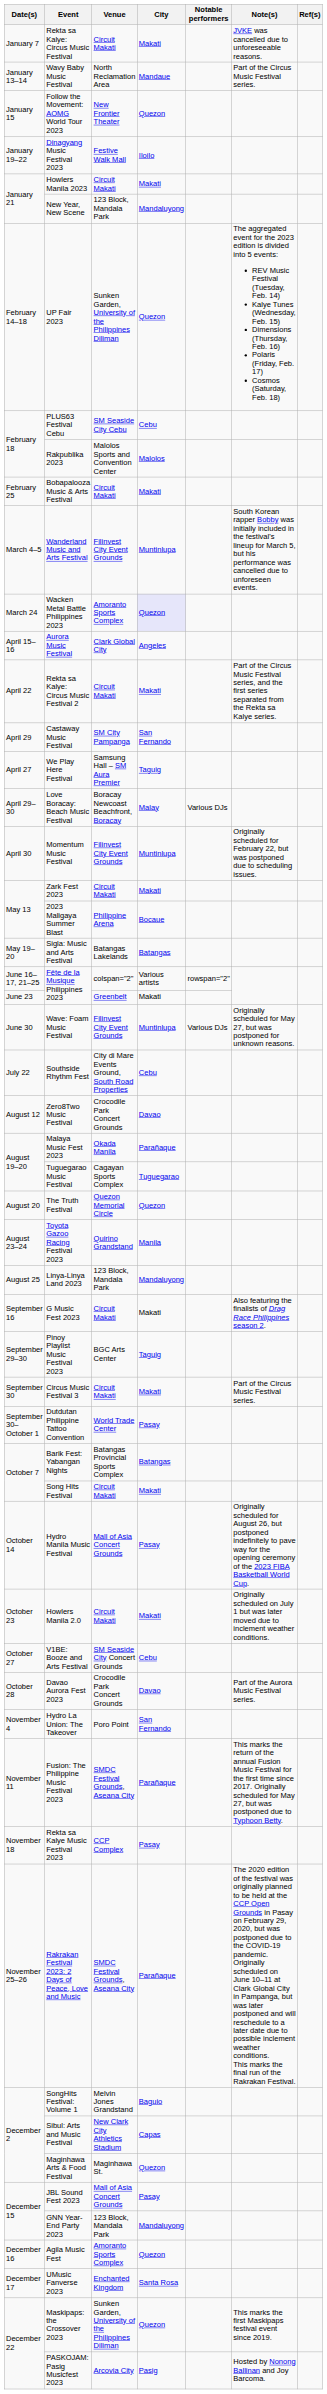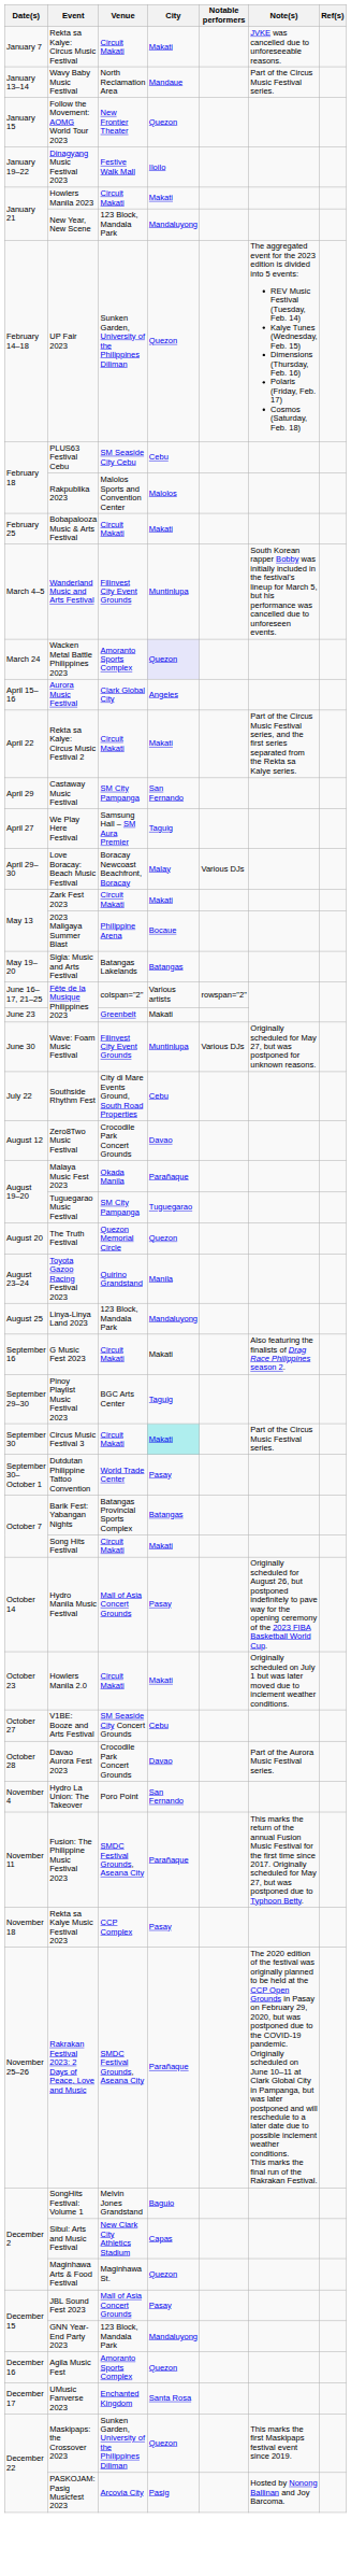 <table class="wikitable sortable" style="font-size: 100%; width=100%;" style="text-align:center;">
 <tr>
 <th class="unsortable" style="width: 5%;" scope="col">Date(s)</th>
 <th style="width: 20%;" scope="col">Event</th>
 <th style="width: 15%;" scope="col">Venue</th>
 <th style="width: 5%;" scope="col">City</th>
 <th class="unsortable" style="width: 30%;" scope="col">Notable performers</th>
 <th style="width: 30%;" scope="col">Note(s)</th>
 <th style="width: 1%;" scope="col">Ref(s)</th>
 </tr>
 <tr>
 <td>January 7</td>
 <td>Rekta sa Kalye: Circus Music Festival</td>
 <td><a href='#'>Circuit Makati</a></td>
 <td><a href='#'>Makati</a></td>
 <td></td>
 <td><a href='#'>JVKE</a> was cancelled due to unforeseeable reasons.</td>
 <td></td>
 </tr>
 <tr>
 <td>January 13–14</td>
 <td>Wavy Baby Music Festival</td>
 <td>North Reclamation Area</td>
 <td><a href='#'>Mandaue</a></td>
 <td></td>
 <td>Part of the Circus Music Festival series.</td>
 <td></td>
 </tr>
 <tr>
 <td>January 15</td>
 <td>Follow the Movement: <a href='#'>AOMG</a> World Tour 2023</td>
 <td><a href='#'>New Frontier Theater</a></td>
 <td><a href='#'>Quezon</a></td>
 <td></td>
 <td></td>
 <td></td>
 </tr>
 <tr>
 <td>January 19–22</td>
 <td><a href='#'>Dinagyang</a> Music Festival 2023</td>
 <td><a href='#'>Festive Walk Mall</a></td>
 <td><a href='#'>Iloilo</a></td>
 <td></td>
 <td></td>
 <td></td>
 </tr>
 <tr>
 <td rowspan="2">January 21</td>
 <td>Howlers Manila 2023</td>
 <td><a href='#'>Circuit Makati</a></td>
 <td><a href='#'>Makati</a></td>
 <td></td>
 <td></td>
 <td></td>
 </tr>
 <tr>
 <td>New Year, New Scene</td>
 <td>123 Block, Mandala Park</td>
 <td><a href='#'>Mandaluyong</a></td>
 <td></td>
 <td></td>
 <td></td>
 </tr>
 <tr>
 <td>February 14–18</td>
 <td>UP Fair 2023</td>
 <td>Sunken Garden, <a href='#'>University of the Philippines Diliman</a></td>
 <td><a href='#'>Quezon</a></td>
 <td></td>
 <td>The aggregated event for the 2023 edition is divided into 5 events:<br><ul><li>REV Music Festival (Tuesday, Feb. 14)</li><li>Kalye Tunes (Wednesday, Feb. 15)</li><li>Dimensions (Thursday, Feb. 16)</li><li>Polaris (Friday, Feb. 17)</li><li>Cosmos (Saturday, Feb. 18)</li></ul></td>
 <td></td>
 </tr>
 <tr>
 <td rowspan="2">February 18</td>
 <td>PLUS63 Festival Cebu</td>
 <td><a href='#'>SM Seaside City Cebu</a></td>
 <td><a href='#'>Cebu</a></td>
 <td></td>
 <td></td>
 <td></td>
 </tr>
 <tr>
 <td>Rakpublika 2023</td>
 <td>Malolos Sports and Convention Center</td>
 <td><a href='#'>Malolos</a></td>
 <td></td>
 <td></td>
 <td></td>
 </tr>
 <tr>
 <td>February 25</td>
 <td>Bobapalooza Music & Arts Festival</td>
 <td><a href='#'>Circuit Makati</a></td>
 <td><a href='#'>Makati</a></td>
 <td></td>
 <td></td>
 <td></td>
 </tr>
 <tr>
 <td>March 4–5</td>
 <td><a href='#'>Wanderland Music and Arts Festival</a></td>
 <td><a href='#'>Filinvest City Event Grounds</a></td>
 <td><a href='#'>Muntinlupa</a></td>
 <td></td>
 <td>South Korean rapper <a href='#'>Bobby</a> was initially included in the festival's lineup for March 5, but his performance was cancelled due to unforeseen events.</td>
 <td></td>
 </tr>
 <tr>
 <td>March 24</td>
 <td>Wacken Metal Battle Philippines 2023</td>
 <td><a href='#'>Amoranto Sports Complex</a></td>
 <td style="background: lavender;"><a href='#'>Quezon</a></td>
 <td></td>
 <td></td>
 <td></td>
 </tr>
 <tr>
 <td>April 15–16</td>
 <td><a href='#'>Aurora Music Festival</a></td>
 <td><a href='#'>Clark Global City</a></td>
 <td><a href='#'>Angeles</a></td>
 <td></td>
 <td></td>
 <td></td>
 </tr>
 <tr>
 <td>April 22</td>
 <td>Rekta sa Kalye: Circus Music Festival 2</td>
 <td><a href='#'>Circuit Makati</a></td>
 <td><a href='#'>Makati</a></td>
 <td></td>
 <td>Part of the Circus Music Festival series, and the first series separated from the Rekta sa Kalye series.</td>
 <td></td>
 </tr>
 <tr>
 <td>April 29</td>
 <td>Castaway Music Festival</td>
 <td><a href='#'>SM City Pampanga</a></td>
 <td><a href='#'>San Fernando</a></td>
 <td></td>
 <td></td>
 <td></td>
 </tr>
 <tr>
 <td>April 27</td>
 <td>We Play Here Festival</td>
 <td>Samsung Hall – <a href='#'>SM Aura Premier</a></td>
 <td><a href='#'>Taguig</a></td>
 <td></td>
 <td></td>
 <td></td>
 </tr>
 <tr>
 <td>April 29–30</td>
 <td>Love Boracay: Beach Music Festival</td>
 <td>Boracay Newcoast Beachfront, <a href='#'>Boracay</a></td>
 <td><a href='#'>Malay</a></td>
 <td>Various DJs</td>
 <td></td>
 <td></td>
 </tr>
 <tr>
-<td>April 30</td>
-<td>Momentum Music Festival</td>
-<td><a href='#'>Filinvest City Event Grounds</a></td>
-<td><a href='#'>Muntinlupa</a></td>
-<td></td>
-<td>Originally scheduled for February 22, but was postponed due to scheduling issues.</td>
-<td></td>
-</tr>
-<tr>
 <td rowspan="2">May 13</td>
 <td>Zark Fest 2023</td>
 <td><a href='#'>Circuit Makati</a></td>
 <td><a href='#'>Makati</a></td>
 <td></td>
 <td></td>
 <td></td>
 </tr>
 <tr>
 <td>2023 Maligaya Summer Blast</td>
 <td><a href='#'>Philippine Arena</a></td>
 <td><a href='#'>Bocaue</a></td>
 <td></td>
 <td></td>
 <td></td>
 </tr>
 <tr>
 <td>May 19–20</td>
 <td>Sigla: Music and Arts Festival</td>
 <td>Batangas Lakelands</td>
 <td><a href='#'>Batangas</a></td>
 <td></td>
 <td></td>
 <td></td>
 </tr>
 <tr>
 <td>June 16–17, 21–25</td>
 <td rowspan="2"><a href='#'>Fête de la Musique</a> Philippines 2023</td>
 <td>colspan="2" </td>
 <td>Various artists</td>
 <td>rowspan="2" </td>
 <td rowspan="2"></td>
 </tr>
 <tr>
 <td>June 23</td>
 <td><a href='#'>Greenbelt</a></td>
 <td>Makati</td>
 <td></td>
 </tr>
 <tr>
 <td>June 30</td>
 <td>Wave: Foam Music Festival</td>
 <td><a href='#'>Filinvest City Event Grounds</a></td>
 <td><a href='#'>Muntinlupa</a></td>
 <td>Various DJs</td>
 <td>Originally scheduled for May 27, but was postponed for unknown reasons.</td>
 <td></td>
 </tr>
 <tr>
 <td>July 22</td>
 <td>Southside Rhythm Fest</td>
 <td>City di Mare Events Ground, <a href='#'>South Road Properties</a></td>
 <td><a href='#'>Cebu</a></td>
 <td></td>
 <td></td>
 <td></td>
 </tr>
 <tr>
 <td>August 12</td>
 <td>Zero8Two Music Festival</td>
 <td>Crocodile Park Concert Grounds</td>
 <td><a href='#'>Davao</a></td>
 <td></td>
 <td></td>
 <td></td>
 </tr>
 <tr>
 <td rowspan="2">August 19–20</td>
 <td>Malaya Music Fest 2023</td>
 <td><a href='#'>Okada Manila</a></td>
 <td><a href='#'>Parañaque</a></td>
 <td></td>
 <td></td>
 <td></td>
 </tr>
 <tr>
 <td>Tuguegarao Music Festival</td>
-<td>Cagayan Sports Complex</td>
+<td><a href='#'>SM City Pampanga</a></td>
 <td><a href='#'>Tuguegarao</a></td>
 <td></td>
 <td></td>
 <td></td>
 </tr>
 <tr>
 <td>August 20</td>
 <td>The Truth Festival</td>
 <td><a href='#'>Quezon Memorial Circle</a></td>
 <td><a href='#'>Quezon</a></td>
 <td></td>
 <td></td>
 <td></td>
 </tr>
 <tr>
 <td>August 23–24</td>
 <td><a href='#'>Toyota Gazoo Racing</a> Festival 2023</td>
 <td><a href='#'>Quirino Grandstand</a></td>
 <td><a href='#'>Manila</a></td>
 <td></td>
 <td></td>
 <td></td>
 </tr>
 <tr>
 <td>August 25</td>
 <td>Linya-Linya Land 2023</td>
 <td>123 Block, Mandala Park</td>
 <td><a href='#'>Mandaluyong</a></td>
 <td></td>
 <td></td>
 <td></td>
 </tr>
 <tr>
 <td>September 16</td>
 <td>G Music Fest 2023</td>
 <td><a href='#'>Circuit Makati</a></td>
 <td>Makati</td>
 <td></td>
 <td>Also featuring the finalists of <em><a href='#'>Drag Race Philippines</a></em> <a href='#'>season 2</a>.</td>
 <td></td>
 </tr>
 <tr>
 <td>September 29–30</td>
 <td>Pinoy Playlist Music Festival 2023</td>
 <td>BGC Arts Center</td>
 <td><a href='#'>Taguig</a></td>
 <td></td>
 <td></td>
 <td></td>
 </tr>
 <tr>
 <td>September 30</td>
 <td>Circus Music Festival 3</td>
 <td><a href='#'>Circuit Makati</a></td>
-<td><a href='#'>Makati</a></td>
+<td style="background: paleturquoise;"><a href='#'>Makati</a></td>
 <td></td>
 <td>Part of the Circus Music Festival series.</td>
 <td></td>
 </tr>
 <tr>
 <td>September 30–October 1</td>
 <td>Dutdutan Philippine Tattoo Convention</td>
 <td><a href='#'>World Trade Center</a></td>
 <td><a href='#'>Pasay</a></td>
 <td></td>
 <td></td>
 <td></td>
 </tr>
 <tr>
 <td rowspan="2">October 7</td>
 <td>Barik Fest: Yabangan Nights</td>
 <td>Batangas Provincial Sports Complex</td>
 <td><a href='#'>Batangas</a></td>
 <td></td>
 <td></td>
 <td></td>
 </tr>
 <tr>
 <td>Song Hits Festival</td>
 <td><a href='#'>Circuit Makati</a></td>
 <td><a href='#'>Makati</a></td>
 <td></td>
 <td></td>
 <td></td>
 </tr>
 <tr>
 <td>October 14</td>
 <td>Hydro Manila Music Festival</td>
 <td><a href='#'>Mall of Asia Concert Grounds</a></td>
 <td><a href='#'>Pasay</a></td>
 <td></td>
 <td>Originally scheduled for August 26, but postponed indefinitely to pave way for the opening ceremony of the <a href='#'>2023 FIBA Basketball World Cup</a>.</td>
 <td></td>
 </tr>
 <tr>
 <td>October 23</td>
 <td>Howlers Manila 2.0</td>
 <td><a href='#'>Circuit Makati</a></td>
 <td><a href='#'>Makati</a></td>
 <td></td>
 <td>Originally scheduled on July 1 but was later moved due to inclement weather conditions.</td>
 <td></td>
 </tr>
 <tr>
 <td>October 27</td>
 <td>V1BE: Booze and Arts Festival</td>
 <td><a href='#'>SM Seaside City</a> Concert Grounds</td>
 <td><a href='#'>Cebu</a></td>
 <td></td>
 <td></td>
 <td></td>
 </tr>
 <tr>
 <td>October 28</td>
 <td>Davao Aurora Fest 2023</td>
 <td>Crocodile Park Concert Grounds</td>
 <td><a href='#'>Davao</a></td>
 <td></td>
 <td>Part of the Aurora Music Festival series.</td>
 <td></td>
 </tr>
 <tr>
 <td>November 4</td>
 <td>Hydro La Union: The Takeover</td>
 <td>Poro Point</td>
 <td><a href='#'>San Fernando</a></td>
 <td></td>
 <td></td>
 <td></td>
 </tr>
 <tr>
 <td>November 11</td>
 <td>Fusion: The Philippine Music Festival 2023</td>
 <td><a href='#'>SMDC Festival Grounds</a>, <a href='#'>Aseana City</a></td>
 <td><a href='#'>Parañaque</a></td>
 <td></td>
 <td>This marks the return of the annual Fusion Music Festival for the first time since 2017. Originally scheduled for May 27, but was postponed due to <a href='#'>Typhoon Betty</a>.</td>
 <td></td>
 </tr>
 <tr>
 <td>November 18</td>
 <td>Rekta sa Kalye Music Festival 2023</td>
 <td><a href='#'>CCP Complex</a></td>
 <td><a href='#'>Pasay</a></td>
 <td></td>
 <td></td>
 <td></td>
 </tr>
 <tr>
 <td>November 25–26</td>
 <td><a href='#'>Rakrakan Festival 2023: 2 Days of Peace, Love and Music</a></td>
 <td><a href='#'>SMDC Festival Grounds</a>, <a href='#'>Aseana City</a></td>
 <td><a href='#'>Parañaque</a></td>
 <td></td>
 <td>The 2020 edition of the festival was originally planned to be held at the <a href='#'>CCP Open Grounds</a> in Pasay on February 29, 2020, but was postponed due to the COVID-19 pandemic.<br>Originally scheduled on June 10–11 at Clark Global City in Pampanga, but was later postponed and will reschedule to a later date due to possible inclement weather conditions.<br>This marks the final run of the Rakrakan Festival.</td>
 <td></td>
 </tr>
 <tr>
 <td rowspan="3">December 2</td>
 <td>SongHits Festival: Volume 1</td>
 <td>Melvin Jones Grandstand</td>
 <td><a href='#'>Baguio</a></td>
 <td></td>
 <td></td>
 <td></td>
 </tr>
 <tr>
 <td>Sibul: Arts and Music Festival</td>
 <td><a href='#'>New Clark City Athletics Stadium</a></td>
 <td><a href='#'>Capas</a></td>
 <td></td>
 <td></td>
 <td></td>
 </tr>
 <tr>
 <td>Maginhawa Arts & Food Festival</td>
 <td>Maginhawa St.</td>
 <td><a href='#'>Quezon</a></td>
 <td></td>
 <td></td>
 <td></td>
 </tr>
 <tr>
 <td rowspan="2">December 15</td>
 <td>JBL Sound Fest 2023</td>
 <td><a href='#'>Mall of Asia Concert Grounds</a></td>
 <td><a href='#'>Pasay</a></td>
 <td></td>
 <td></td>
 <td></td>
 </tr>
 <tr>
 <td>GNN Year-End Party 2023</td>
 <td>123 Block, Mandala Park</td>
 <td><a href='#'>Mandaluyong</a></td>
 <td></td>
 <td></td>
 <td></td>
 </tr>
 <tr>
 <td>December 16</td>
 <td>Agila Music Fest</td>
 <td><a href='#'>Amoranto Sports Complex</a></td>
 <td><a href='#'>Quezon</a></td>
 <td></td>
 <td></td>
 <td></td>
 </tr>
 <tr>
 <td>December 17</td>
 <td>UMusic Fanverse 2023</td>
 <td><a href='#'>Enchanted Kingdom</a></td>
 <td><a href='#'>Santa Rosa</a></td>
 <td></td>
 <td></td>
 <td></td>
 </tr>
 <tr>
 <td rowspan="2">December 22</td>
 <td>Maskipaps: the Crossover 2023</td>
 <td>Sunken Garden, <a href='#'>University of the Philippines Diliman</a></td>
 <td><a href='#'>Quezon</a></td>
 <td></td>
 <td>This marks the first Maskipaps festival event since 2019.</td>
 <td></td>
 </tr>
 <tr>
 <td>PASKOJAM: Pasig Musicfest 2023</td>
 <td><a href='#'>Arcovia City</a></td>
 <td><a href='#'>Pasig</a></td>
 <td></td>
 <td>Hosted by <a href='#'>Nonong Ballinan</a> and Joy Barcoma.</td>
 <td></td>
 </tr>
 </table>
